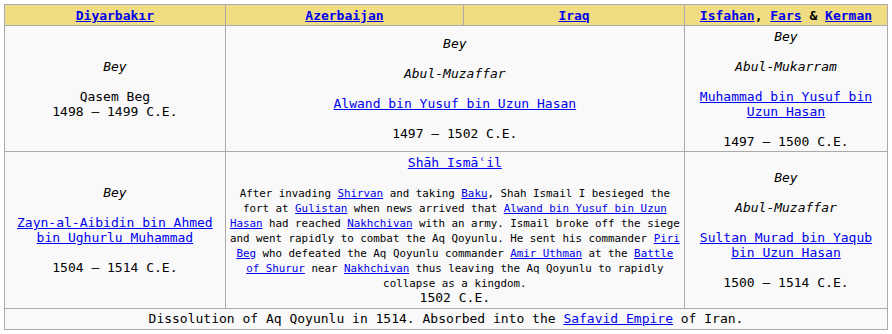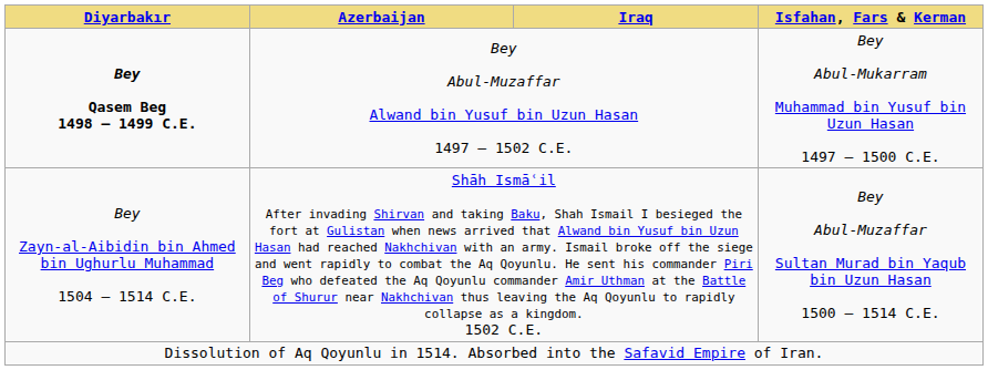 <table width=100% class="wikitable">
 <tr>
 <th style="background-color:#F0DC82" width=25%><a href='#'>Diyarbakır</a></th>
 <th style="background-color:#F0DC82" width=27%><a href='#'>Azerbaijan</a></th>
 <th style="background-color:#F0DC82" width=25%><a href='#'>Iraq</a></th>
 <th style="background-color:#F0DC82" width=27%><a href='#'>Isfahan</a>, <a href='#'>Fars</a> & <a href='#'>Kerman</a></th>
 </tr>
 <tr>
-<td colspan=1 align="middle"><em>Bey</em> <br> <small></small><br>Qasem Beg<br>1498 – 1499 C.E.</td>
+<td colspan=1 align="middle"><strong><em>Bey</em> <br> <small></small><br>Qasem Beg<br>1498 – 1499 C.E.</strong></td>
 <td colspan=2 align="middle"><em>Bey</em> <br> <small></small><br><em>Abul-Muzaffar</em> <br> <small></small><br><a href='#'>Alwand bin Yusuf bin Uzun Hasan</a><br> <small></small><br>1497 – 1502 C.E.</td>
 <td colspan=2 align="middle"><em>Bey</em> <br> <small></small><br><em>Abul-Mukarram</em> <br> <small></small><br><a href='#'>Muhammad bin Yusuf bin Uzun Hasan</a><br> <small></small><br>1497 – 1500 C.E.</td>
 </tr>
 <tr>
 <td align="center"><em>Bey</em> <br> <small></small><br><a href='#'>Zayn-al-Aibidin bin Ahmed bin Ughurlu Muhammad</a><br> <small></small><br>1504 – 1514 C.E.</td>
 <td colspan=2 align="middle"><a href='#'>Shāh Ismāʿil</a> <br> <small></small><br> <small> After invading <a href='#'>Shirvan</a> and taking <a href='#'>Baku</a>, Shah Ismail I besieged the fort at <a href='#'>Gulistan</a> when news arrived that <a href='#'>Alwand bin Yusuf bin Uzun Hasan</a> had reached <a href='#'>Nakhchivan</a> with an army. Ismail broke off the siege and went rapidly to combat the Aq Qoyunlu. He sent his commander <a href='#'>Piri Beg</a> who defeated the Aq Qoyunlu commander <a href='#'>Amir Uthman</a> at the <a href='#'>Battle of Shurur</a> near <a href='#'>Nakhchivan</a> thus leaving the Aq Qoyunlu to rapidly collapse as a kingdom.</small><br>1502 C.E.</td>
 <td align="center"><em>Bey</em> <br> <small></small><br><em>Abul-Muzaffar</em> <br> <small></small><br><a href='#'>Sultan Murad bin Yaqub bin Uzun Hasan</a><br> <small></small><br>1500 – 1514 C.E.</td>
 </tr>
 <tr>
 <td colspan=4 align="middle">Dissolution of Aq Qoyunlu in 1514. Absorbed into the <a href='#'>Safavid Empire</a> of Iran.</td>
 </tr>
 </table>
